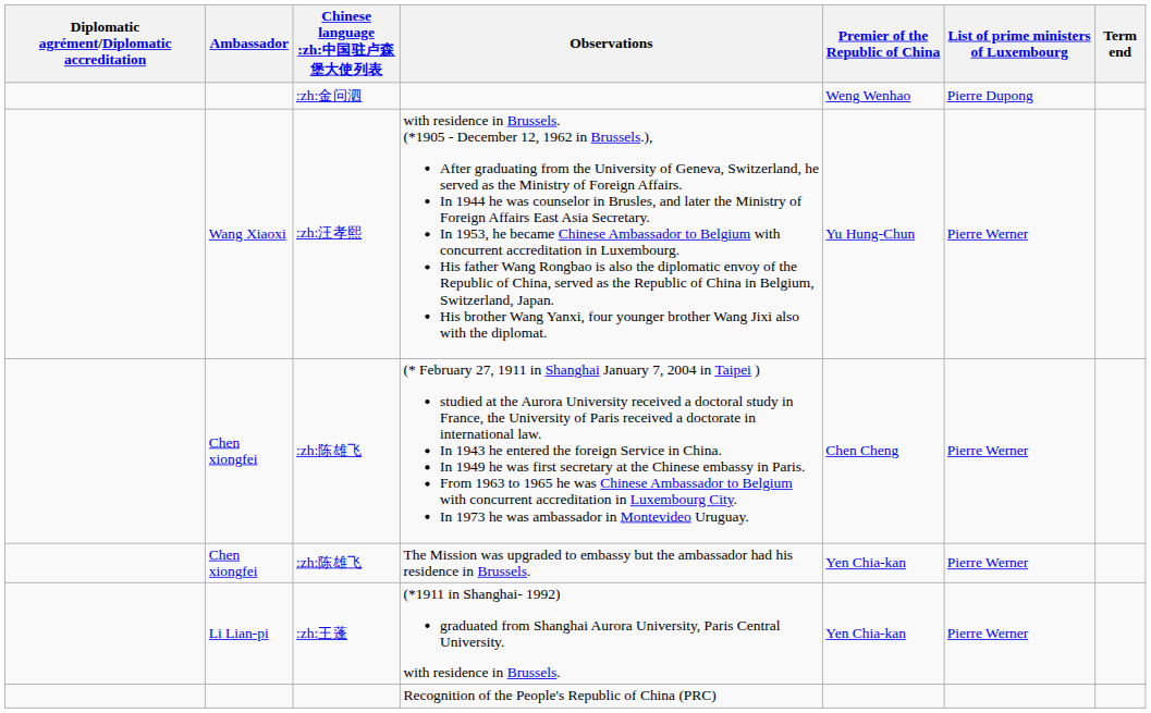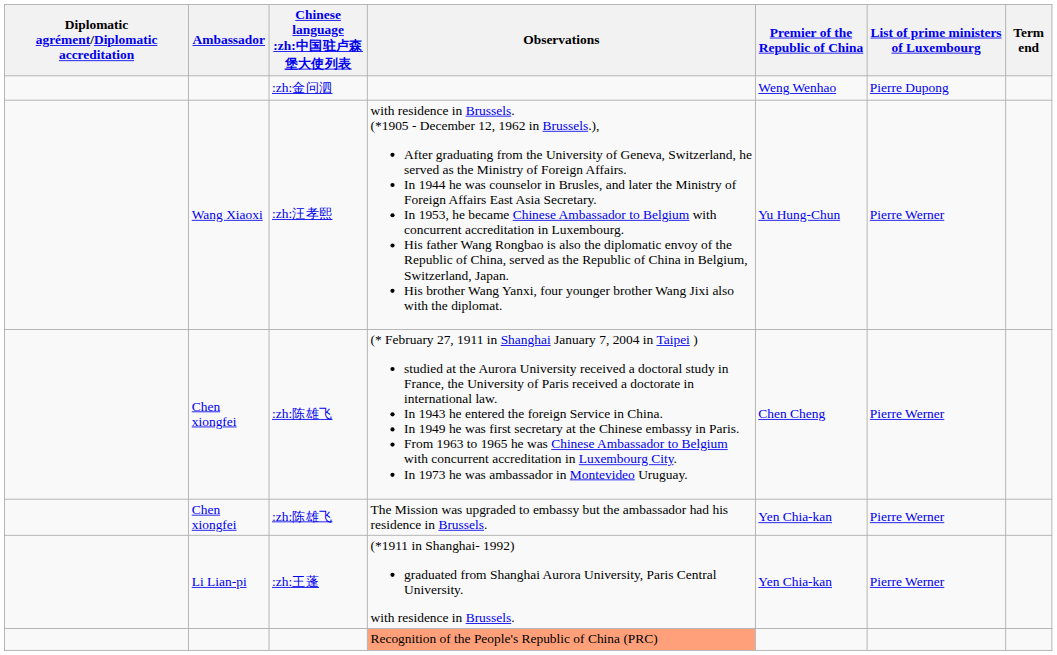 <table class="wikitable sortable">
 <tr>
 <th>Diplomatic <a href='#'>agrément</a>/<a href='#'>Diplomatic accreditation</a></th>
 <th><a href='#'>Ambassador</a></th>
 <th><a href='#'>Chinese language</a><br><a href='#'>:zh:中国驻卢森堡大使列表</a></th>
 <th>Observations</th>
 <th><a href='#'>Premier of the Republic of China</a></th>
 <th><a href='#'>List of prime ministers of Luxembourg</a></th>
 <th>Term end</th>
 </tr>
 <tr>
 <td></td>
 <td></td>
 <td><a href='#'>:zh:金问泗</a></td>
 <td></td>
 <td><a href='#'>Weng Wenhao</a></td>
 <td><a href='#'>Pierre Dupong</a></td>
 <td></td>
 </tr>
 <tr>
 <td></td>
 <td><a href='#'>Wang Xiaoxi</a></td>
 <td><a href='#'>:zh:汪孝熙</a></td>
 <td>with residence in <a href='#'>Brussels</a>.<br>(*1905 - December 12, 1962 in <a href='#'>Brussels</a>.),<ul><li>After graduating from the University of Geneva, Switzerland, he served as the Ministry of Foreign Affairs.</li><li>In 1944 he was counselor in Brusles, and later the Ministry of Foreign Affairs East Asia Secretary.</li><li>In 1953, he became <a href='#'>Chinese Ambassador to Belgium</a> with concurrent accreditation in Luxembourg.</li><li>His father Wang Rongbao is also the diplomatic envoy of the Republic of China, served as the Republic of China in Belgium, Switzerland, Japan.</li><li>His brother Wang Yanxi, four younger brother Wang Jixi also with the diplomat.</li></ul></td>
 <td><a href='#'>Yu Hung-Chun</a></td>
 <td><a href='#'>Pierre Werner</a></td>
 <td></td>
 </tr>
 <tr>
 <td></td>
 <td><a href='#'>Chen xiongfei</a></td>
 <td><a href='#'>:zh:陈雄飞</a></td>
 <td>(* February 27, 1911 in <a href='#'>Shanghai</a> January 7, 2004 in <a href='#'>Taipei</a> )<br><ul><li>studied at the Aurora University received a doctoral study in France, the University of Paris received a doctorate in international law.</li><li>In 1943 he entered the foreign Service in China.</li><li>In 1949 he was first secretary at the Chinese embassy in Paris.</li><li>From 1963 to 1965 he was <a href='#'>Chinese Ambassador to Belgium</a> with concurrent accreditation in <a href='#'>Luxembourg City</a>.</li><li>In 1973 he was ambassador in <a href='#'>Montevideo</a> Uruguay.</li></ul></td>
 <td><a href='#'>Chen Cheng</a></td>
 <td><a href='#'>Pierre Werner</a></td>
 <td></td>
 </tr>
 <tr>
 <td></td>
 <td><a href='#'>Chen xiongfei</a></td>
 <td><a href='#'>:zh:陈雄飞</a></td>
 <td>The Mission was upgraded to embassy but the ambassador had his residence in <a href='#'>Brussels</a>.</td>
 <td><a href='#'>Yen Chia-kan</a></td>
 <td><a href='#'>Pierre Werner</a></td>
 <td></td>
 </tr>
 <tr>
 <td></td>
 <td><a href='#'>Li Lian-pi</a></td>
 <td><a href='#'>:zh:王蓬</a></td>
 <td>(*1911 in Shanghai- 1992)<br><ul><li>graduated from Shanghai Aurora University, Paris Central University.</li></ul>with residence in <a href='#'>Brussels</a>.</td>
 <td><a href='#'>Yen Chia-kan</a></td>
 <td><a href='#'>Pierre Werner</a></td>
 <td></td>
 </tr>
 <tr>
 <td></td>
 <td></td>
 <td></td>
-<td>Recognition of the People's Republic of China (PRC)</td>
+<td style="background: lightsalmon;">Recognition of the People's Republic of China (PRC)</td>
 <td></td>
 <td></td>
 </tr>
 </table>
